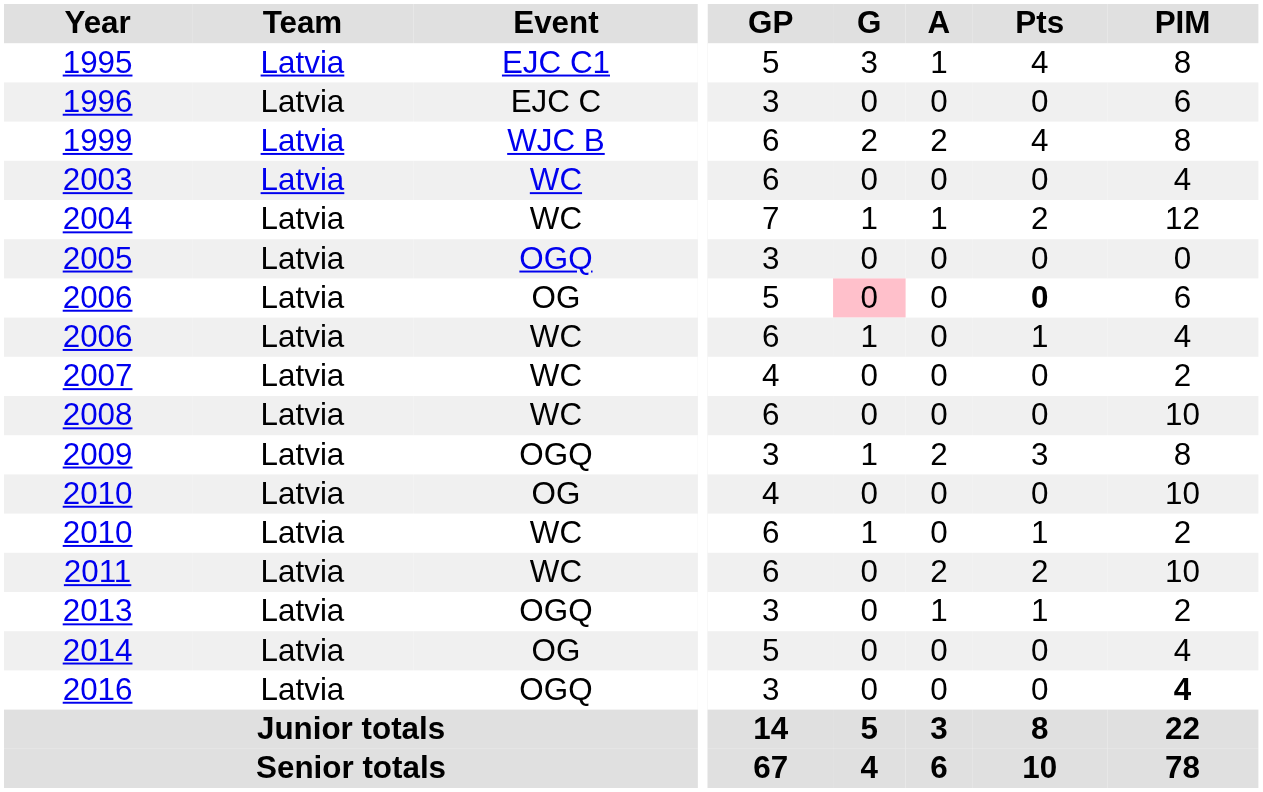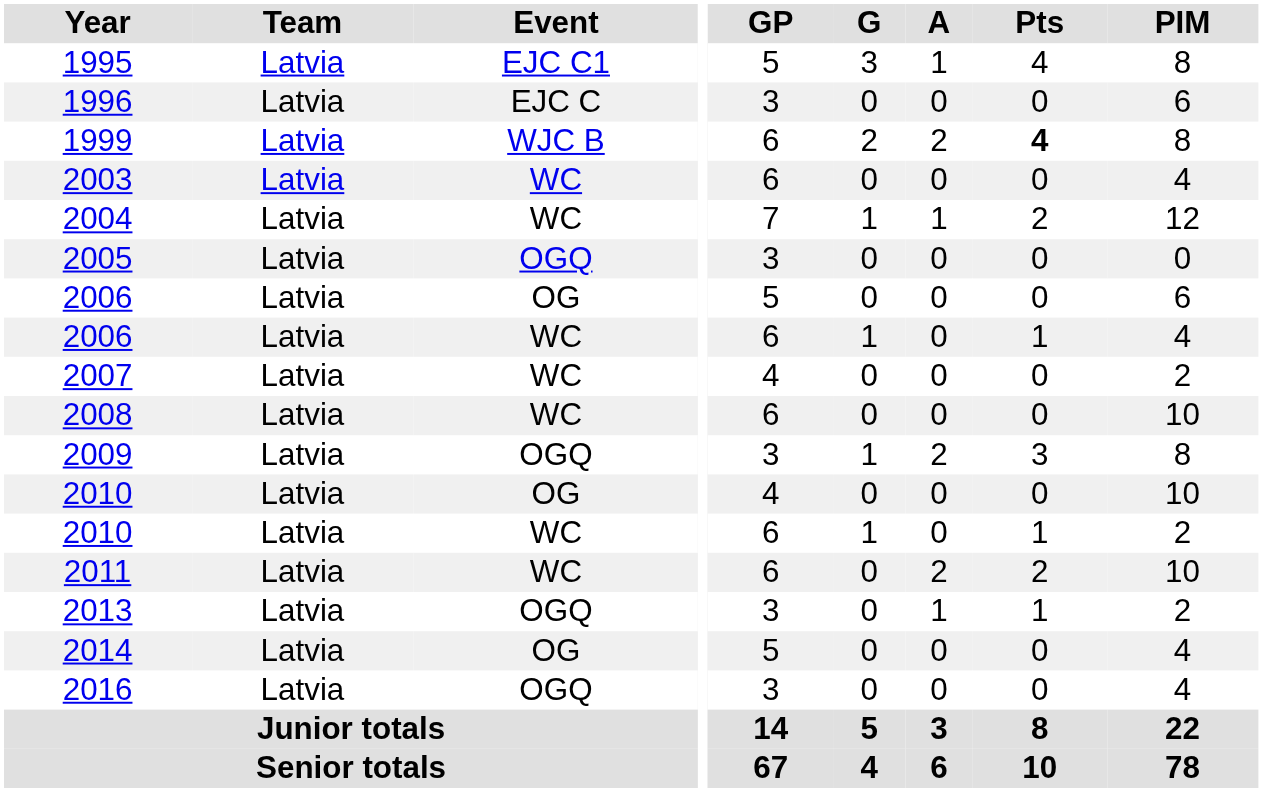 <table border="0" cellpadding="1" cellspacing="0" ID="Table3" style="text-align:center; width:40em">
 <tr ALIGN="center" bgcolor="#e0e0e0">
 <th>Year</th>
 <th>Team</th>
 <th>Event</th>
 <th rowspan="99" bgcolor="#ffffff"></th>
 <th>GP</th>
 <th>G</th>
 <th>A</th>
 <th>Pts</th>
 <th>PIM</th>
 </tr>
 <tr>
 <td><a href='#'>1995</a></td>
 <td><a href='#'>Latvia</a></td>
 <td><a href='#'>EJC C1</a></td>
 <td>5</td>
 <td>3</td>
 <td>1</td>
 <td>4</td>
 <td>8</td>
 </tr>
 <tr bgcolor="#f0f0f0">
 <td><a href='#'>1996</a></td>
 <td>Latvia</td>
 <td>EJC C</td>
 <td>3</td>
 <td>0</td>
 <td>0</td>
 <td>0</td>
 <td>6</td>
 </tr>
 <tr>
 <td><a href='#'>1999</a></td>
 <td><a href='#'>Latvia</a></td>
 <td><a href='#'>WJC B</a></td>
 <td>6</td>
 <td>2</td>
 <td>2</td>
-<td>4</td>
+<td><strong>4</strong></td>
 <td>8</td>
 </tr>
 <tr bgcolor="#f0f0f0">
 <td><a href='#'>2003</a></td>
 <td><a href='#'>Latvia</a></td>
 <td><a href='#'>WC</a></td>
 <td>6</td>
 <td>0</td>
 <td>0</td>
 <td>0</td>
 <td>4</td>
 </tr>
 <tr>
 <td><a href='#'>2004</a></td>
 <td>Latvia</td>
 <td>WC</td>
 <td>7</td>
 <td>1</td>
 <td>1</td>
 <td>2</td>
 <td>12</td>
 </tr>
 <tr bgcolor="#f0f0f0">
 <td><a href='#'>2005</a></td>
 <td>Latvia</td>
 <td><a href='#'>OGQ</a></td>
 <td>3</td>
 <td>0</td>
 <td>0</td>
 <td>0</td>
 <td>0</td>
 </tr>
 <tr>
 <td><a href='#'>2006</a></td>
 <td>Latvia</td>
 <td>OG</td>
 <td>5</td>
-<td style="background: pink;">0</td>
 <td>0</td>
-<td><strong>0</strong></td>
+<td>0</td>
+<td>0</td>
 <td>6</td>
 </tr>
 <tr bgcolor="#f0f0f0">
 <td><a href='#'>2006</a></td>
 <td>Latvia</td>
 <td>WC</td>
 <td>6</td>
 <td>1</td>
 <td>0</td>
 <td>1</td>
 <td>4</td>
 </tr>
 <tr>
 <td><a href='#'>2007</a></td>
 <td>Latvia</td>
 <td>WC</td>
 <td>4</td>
 <td>0</td>
 <td>0</td>
 <td>0</td>
 <td>2</td>
 </tr>
 <tr bgcolor="#f0f0f0">
 <td><a href='#'>2008</a></td>
 <td>Latvia</td>
 <td>WC</td>
 <td>6</td>
 <td>0</td>
 <td>0</td>
 <td>0</td>
 <td>10</td>
 </tr>
 <tr>
 <td><a href='#'>2009</a></td>
 <td>Latvia</td>
 <td>OGQ</td>
 <td>3</td>
 <td>1</td>
 <td>2</td>
 <td>3</td>
 <td>8</td>
 </tr>
 <tr bgcolor="#f0f0f0">
 <td><a href='#'>2010</a></td>
 <td>Latvia</td>
 <td>OG</td>
 <td>4</td>
 <td>0</td>
 <td>0</td>
 <td>0</td>
 <td>10</td>
 </tr>
 <tr>
 <td><a href='#'>2010</a></td>
 <td>Latvia</td>
 <td>WC</td>
 <td>6</td>
 <td>1</td>
 <td>0</td>
 <td>1</td>
 <td>2</td>
 </tr>
 <tr bgcolor="#f0f0f0">
 <td><a href='#'>2011</a></td>
 <td>Latvia</td>
 <td>WC</td>
 <td>6</td>
 <td>0</td>
 <td>2</td>
 <td>2</td>
 <td>10</td>
 </tr>
 <tr>
 <td><a href='#'>2013</a></td>
 <td>Latvia</td>
 <td>OGQ</td>
 <td>3</td>
 <td>0</td>
 <td>1</td>
 <td>1</td>
 <td>2</td>
 </tr>
 <tr bgcolor="#f0f0f0">
 <td><a href='#'>2014</a></td>
 <td>Latvia</td>
 <td>OG</td>
 <td>5</td>
 <td>0</td>
 <td>0</td>
 <td>0</td>
 <td>4</td>
 </tr>
 <tr>
 <td><a href='#'>2016</a></td>
 <td>Latvia</td>
 <td>OGQ</td>
 <td>3</td>
 <td>0</td>
 <td>0</td>
 <td>0</td>
-<td><strong>4</strong></td>
+<td>4</td>
 </tr>
 <tr bgcolor="#e0e0e0">
 <th colspan="3">Junior totals</th>
 <th>14</th>
 <th>5</th>
 <th>3</th>
 <th>8</th>
 <th>22</th>
 </tr>
 <tr bgcolor="#e0e0e0">
 <th colspan="3">Senior totals</th>
 <th>67</th>
 <th>4</th>
 <th>6</th>
 <th>10</th>
 <th>78</th>
 </tr>
 </table>
